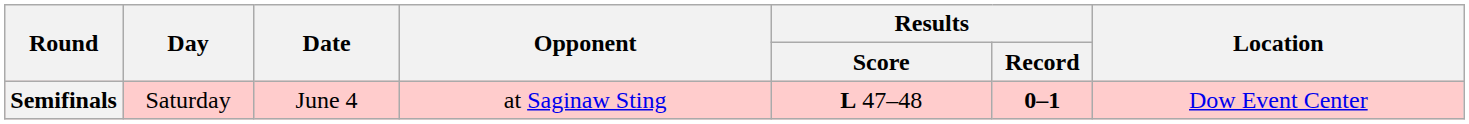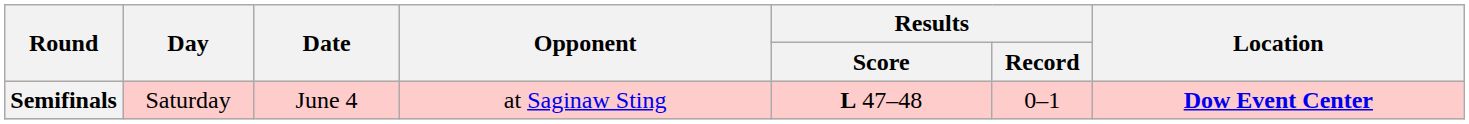 <table class="wikitable">
 <tr>
 <th rowspan="2" width="40">Round</th>
 <th rowspan="2" width="80">Day</th>
 <th rowspan="2" width="90">Date</th>
 <th rowspan="2" width="240">Opponent</th>
 <th colspan="2" width="200">Results</th>
 <th rowspan="2" width="240">Location</th>
 </tr>
 <tr>
 <th width="140">Score</th>
 <th width="60">Record</th>
 </tr>
 <tr align="center" bgcolor="#FFCCCC">
 <th>Semifinals</th>
 <td>Saturday</td>
 <td>June 4</td>
 <td>at <a href='#'>Saginaw Sting</a></td>
 <td><strong>L</strong> 47–48</td>
-<td><strong>0–1</strong></td>
-<td><a href='#'>Dow Event Center</a></td>
+<td>0–1</td>
+<td><strong><a href='#'>Dow Event Center</a></strong></td>
 </tr>
 </table>
